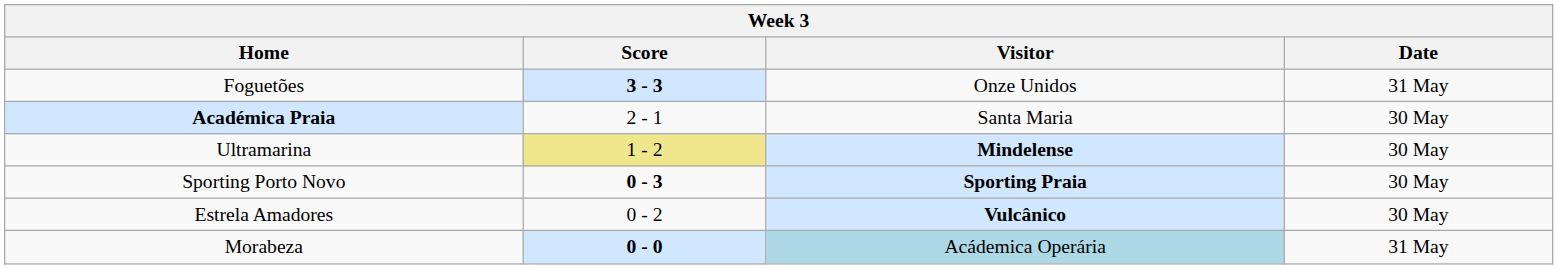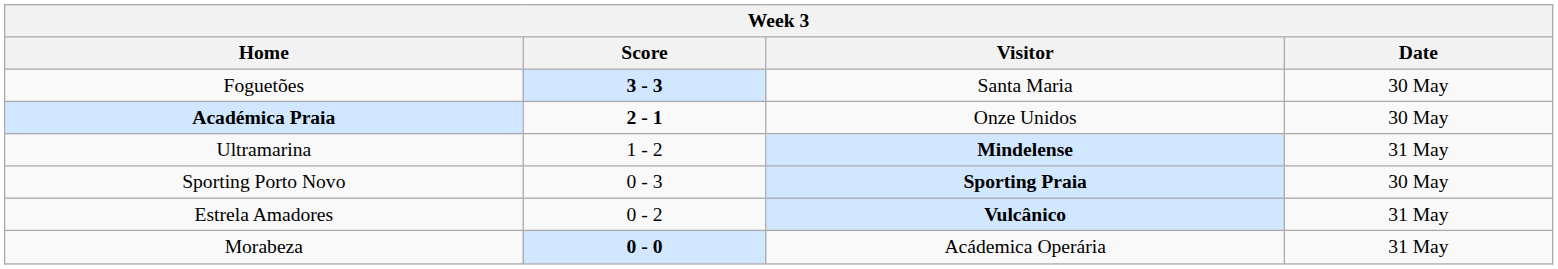 <table class="wikitable" style="font-size:95%; text-align: center; width: 95%;">
 <tr>
 <th colspan="12" style="with: 100%;" align=center>Week 3</th>
 </tr>
 <tr>
 <th width="200">Home</th>
 <th width="90">Score</th>
 <th width="200">Visitor</th>
 <th width="100">Date</th>
 </tr>
 <tr align=center>
 <td>Foguetões</td>
 <td bgcolor=#D0E7FF><strong>3 - 3</strong></td>
-<td>Onze Unidos</td>
-<td>31 May</td>
-</tr>
-<tr align=center>
-<td bgcolor=#D0E7FF><strong>Académica Praia</strong></td>
-<td>2 - 1</td>
 <td>Santa Maria</td>
 <td>30 May</td>
 </tr>
 <tr align=center>
-<td>Ultramarina</td>
-<td style="background: khaki;">1 - 2</td>
-<td bgcolor=#D0E7FF><strong>Mindelense</strong></td>
+<td bgcolor=#D0E7FF><strong>Académica Praia</strong></td>
+<td><strong>2 - 1</strong></td>
+<td>Onze Unidos</td>
 <td>30 May</td>
 </tr>
 <tr align=center>
+<td>Ultramarina</td>
+<td>1 - 2</td>
+<td bgcolor=#D0E7FF><strong>Mindelense</strong></td>
+<td>31 May</td>
+</tr>
+<tr align=center>
 <td>Sporting Porto Novo</td>
-<td><strong>0 - 3</strong></td>
+<td>0 - 3</td>
 <td bgcolor=#D0E7FF><strong>Sporting Praia</strong></td>
 <td>30 May</td>
 </tr>
 <tr align=center>
 <td>Estrela Amadores</td>
 <td>0 - 2</td>
 <td bgcolor=#D0E7FF><strong>Vulcânico</strong></td>
-<td>30 May</td>
+<td>31 May</td>
 </tr>
 <tr align=center>
 <td>Morabeza</td>
 <td bgcolor=#D0E7FF><strong>0 - 0</strong></td>
-<td style="background: lightblue;">Acádemica Operária</td>
+<td>Acádemica Operária</td>
 <td>31 May</td>
 </tr>
 </table>
